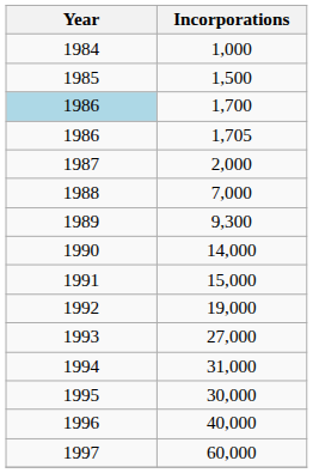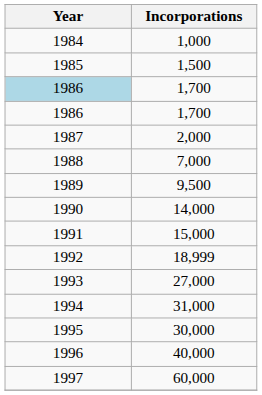 <table class="wikitable" style="margin: 1em auto 1em auto; text-align:center;">
 <tr>
 <th width="125">Year</th>
 <th width="125">Incorporations</th>
 </tr>
 <tr>
 <td>1984</td>
 <td>1,000</td>
 </tr>
 <tr>
 <td>1985</td>
 <td>1,500</td>
 </tr>
 <tr>
 <td style="background: lightblue;">1986</td>
 <td>1,700</td>
 </tr>
 <tr>
 <td>1986</td>
-<td>1,705</td>
+<td>1,700</td>
 </tr>
 <tr>
 <td>1987</td>
 <td>2,000</td>
 </tr>
 <tr>
 <td>1988</td>
 <td>7,000</td>
 </tr>
 <tr>
 <td>1989</td>
-<td>9,300</td>
+<td>9,500</td>
 </tr>
 <tr>
 <td>1990</td>
 <td>14,000</td>
 </tr>
 <tr>
 <td>1991</td>
 <td>15,000</td>
 </tr>
 <tr>
 <td>1992</td>
-<td>19,000</td>
+<td>18,999</td>
 </tr>
 <tr>
 <td>1993</td>
 <td>27,000</td>
 </tr>
 <tr>
 <td>1994</td>
 <td>31,000</td>
 </tr>
 <tr>
 <td>1995</td>
 <td>30,000</td>
 </tr>
 <tr>
 <td>1996</td>
 <td>40,000</td>
 </tr>
 <tr>
 <td>1997</td>
 <td>60,000</td>
 </tr>
 <tr>
 </tr>
 </table>
